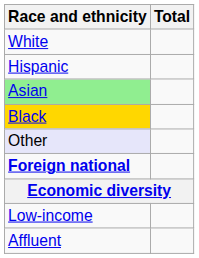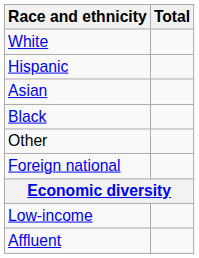 <table class="wikitable floatright sortable collapsible" ; text-align:right; font-size:80%;">
 <tr>
 <th>Race and ethnicity</th>
 <th colspan="2" data-sort-type="number">Total</th>
 </tr>
 <tr>
 <td><a href='#'>White</a></td>
 <td align=right></td>
 </tr>
 <tr>
 <td><a href='#'>Hispanic</a></td>
 <td align=right></td>
 </tr>
 <tr>
-<td style="background: lightgreen;"><a href='#'>Asian</a></td>
+<td><a href='#'>Asian</a></td>
 <td align=right></td>
 </tr>
 <tr>
-<td style="background: gold;"><a href='#'>Black</a></td>
+<td><a href='#'>Black</a></td>
 <td align=right></td>
 </tr>
 <tr>
-<td style="background: lavender;">Other</td>
+<td>Other</td>
 <td align=right></td>
 </tr>
 <tr>
-<td><strong><a href='#'>Foreign national</a></strong></td>
+<td><a href='#'>Foreign national</a></td>
 <td align=right></td>
 </tr>
 <tr>
 <th colspan="4" data-sort-type="number"><a href='#'>Economic diversity</a></th>
 </tr>
 <tr>
 <td><a href='#'>Low-income</a></td>
 <td align=right></td>
 </tr>
 <tr>
 <td><a href='#'>Affluent</a></td>
 <td align=right></td>
 </tr>
 </table>
